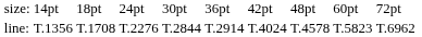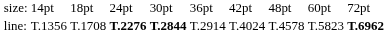 <table style="margin-left:40px;">
 <tr>
 <td>size:</td>
 <td>14pt</td>
 <td>18pt</td>
 <td>24pt</td>
 <td>30pt</td>
 <td>36pt</td>
 <td>42pt</td>
 <td>48pt</td>
 <td>60pt</td>
 <td>72pt</td>
 </tr>
 <tr>
 <td>line:</td>
 <td>T.1356</td>
 <td>T.1708</td>
-<td>T.2276</td>
-<td>T.2844</td>
+<td><strong>T.2276</strong></td>
+<td><strong>T.2844</strong></td>
 <td>T.2914</td>
 <td>T.4024</td>
 <td>T.4578</td>
 <td>T.5823</td>
-<td>T.6962</td>
+<td><strong>T.6962</strong></td>
 </tr>
 </table>
